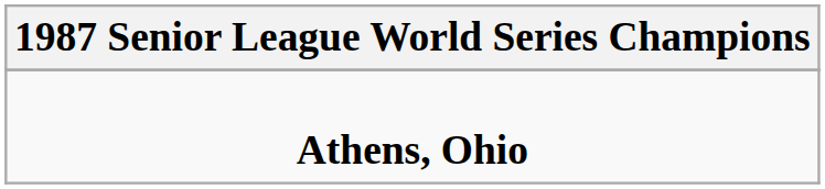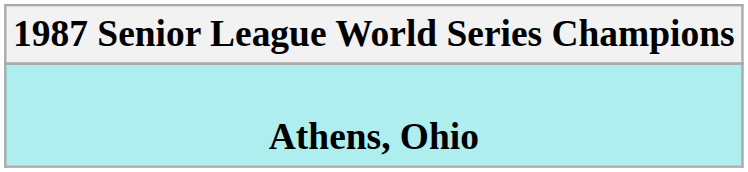 <table class="wikitable" style="text-align: center; margin: 0 auto;">
 <tr>
 <th>1987 Senior League World Series Champions</th>
 </tr>
 <tr>
 </tr>
 <tr>
-<td><br><strong>Athens, Ohio</strong></td>
+<td style="background: paleturquoise;"><br><strong>Athens, Ohio</strong></td>
 </tr>
 </table>
